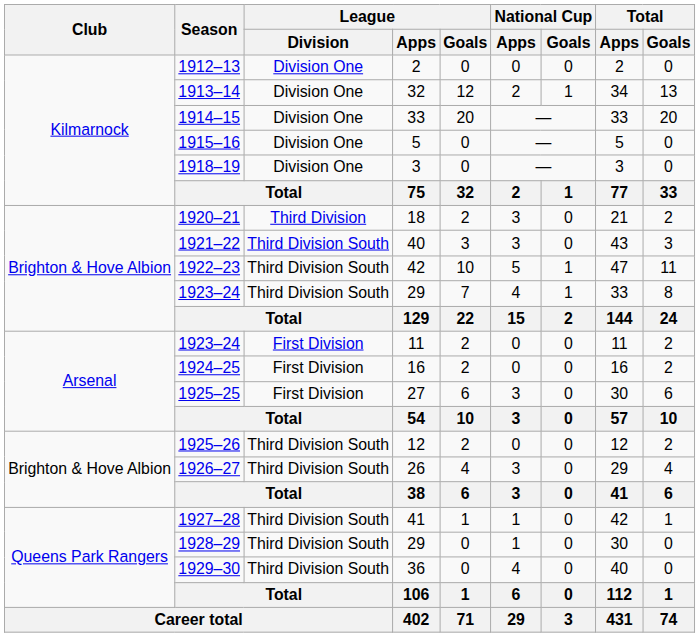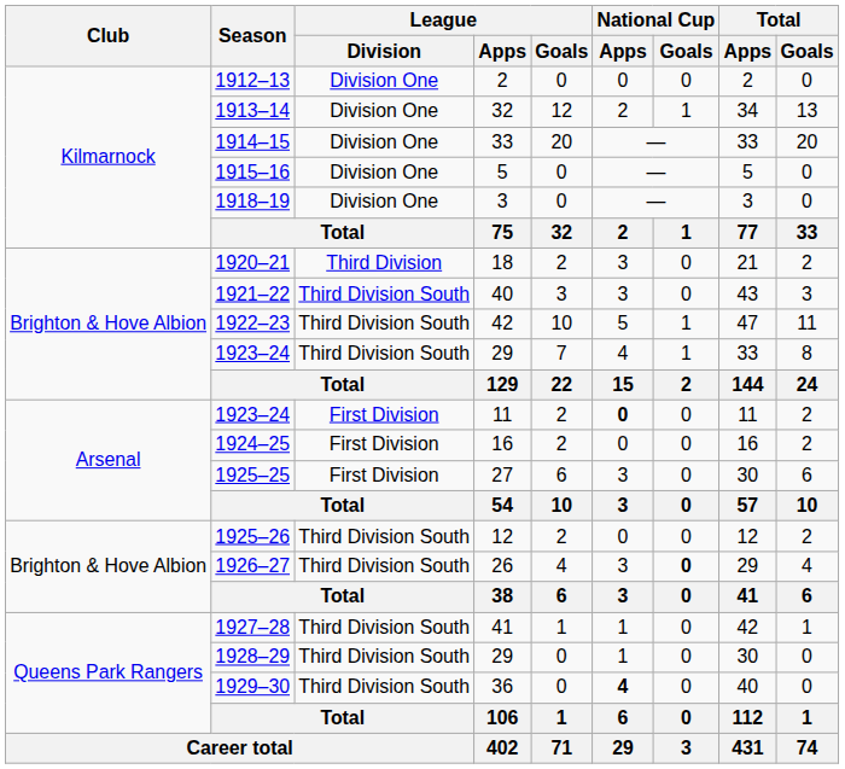 <table class="wikitable" style=text-align:center>
 <tr>
 <th rowspan=2>Club</th>
 <th rowspan=2>Season</th>
 <th colspan=3>League</th>
 <th colspan=2>National Cup</th>
 <th colspan=2>Total</th>
 </tr>
 <tr>
 <th>Division</th>
 <th>Apps</th>
 <th>Goals</th>
 <th>Apps</th>
 <th>Goals</th>
 <th>Apps</th>
 <th>Goals</th>
 </tr>
 <tr>
 <td rowspan=6><a href='#'>Kilmarnock</a></td>
 <td><a href='#'>1912–13</a></td>
 <td><a href='#'>Division One</a></td>
 <td>2</td>
 <td>0</td>
 <td>0</td>
 <td>0</td>
 <td>2</td>
 <td>0</td>
 </tr>
 <tr>
 <td><a href='#'>1913–14</a></td>
 <td>Division One</td>
 <td>32</td>
 <td>12</td>
 <td>2</td>
 <td>1</td>
 <td>34</td>
 <td>13</td>
 </tr>
 <tr>
 <td><a href='#'>1914–15</a></td>
 <td>Division One</td>
 <td>33</td>
 <td>20</td>
 <td colspan=2>—</td>
 <td>33</td>
 <td>20</td>
 </tr>
 <tr>
 <td><a href='#'>1915–16</a></td>
 <td>Division One</td>
 <td>5</td>
 <td>0</td>
 <td colspan=2>—</td>
 <td>5</td>
 <td>0</td>
 </tr>
 <tr>
 <td><a href='#'>1918–19</a></td>
 <td>Division One</td>
 <td>3</td>
 <td>0</td>
 <td colspan=2>—</td>
 <td>3</td>
 <td>0</td>
 </tr>
 <tr>
 <th colspan=2>Total</th>
 <th>75</th>
 <th>32</th>
 <th>2</th>
 <th>1</th>
 <th>77</th>
 <th>33</th>
 </tr>
 <tr>
 <td rowspan=5><a href='#'>Brighton & Hove Albion</a></td>
 <td><a href='#'>1920–21</a></td>
 <td><a href='#'>Third Division</a></td>
 <td>18</td>
 <td>2</td>
 <td>3</td>
 <td>0</td>
 <td>21</td>
 <td>2</td>
 </tr>
 <tr>
 <td><a href='#'>1921–22</a></td>
 <td><a href='#'>Third Division South</a></td>
 <td>40</td>
 <td>3</td>
 <td>3</td>
 <td>0</td>
 <td>43</td>
 <td>3</td>
 </tr>
 <tr>
 <td><a href='#'>1922–23</a></td>
 <td>Third Division South</td>
 <td>42</td>
 <td>10</td>
 <td>5</td>
 <td>1</td>
 <td>47</td>
 <td>11</td>
 </tr>
 <tr>
 <td><a href='#'>1923–24</a></td>
 <td>Third Division South</td>
 <td>29</td>
 <td>7</td>
 <td>4</td>
 <td>1</td>
 <td>33</td>
 <td>8</td>
 </tr>
 <tr>
 <th colspan=2>Total</th>
 <th>129</th>
 <th>22</th>
 <th>15</th>
 <th>2</th>
 <th>144</th>
 <th>24</th>
 </tr>
 <tr>
 <td rowspan=4><a href='#'>Arsenal</a></td>
 <td><a href='#'>1923–24</a></td>
 <td><a href='#'>First Division</a></td>
 <td>11</td>
 <td>2</td>
-<td>0</td>
+<td><strong>0</strong></td>
 <td>0</td>
 <td>11</td>
 <td>2</td>
 </tr>
 <tr>
 <td><a href='#'>1924–25</a></td>
 <td>First Division</td>
 <td>16</td>
 <td>2</td>
 <td>0</td>
 <td>0</td>
 <td>16</td>
 <td>2</td>
 </tr>
 <tr>
 <td><a href='#'>1925–25</a></td>
 <td>First Division</td>
 <td>27</td>
 <td>6</td>
 <td>3</td>
 <td>0</td>
 <td>30</td>
 <td>6</td>
 </tr>
 <tr>
 <th colspan=2>Total</th>
 <th>54</th>
 <th>10</th>
 <th>3</th>
 <th>0</th>
 <th>57</th>
 <th>10</th>
 </tr>
 <tr>
 <td rowspan=3>Brighton & Hove Albion</td>
 <td><a href='#'>1925–26</a></td>
 <td>Third Division South</td>
 <td>12</td>
 <td>2</td>
 <td>0</td>
 <td>0</td>
 <td>12</td>
 <td>2</td>
 </tr>
 <tr>
 <td><a href='#'>1926–27</a></td>
 <td>Third Division South</td>
 <td>26</td>
 <td>4</td>
 <td>3</td>
-<td>0</td>
+<td><strong>0</strong></td>
 <td>29</td>
 <td>4</td>
 </tr>
 <tr>
 <th colspan=2>Total</th>
 <th>38</th>
 <th>6</th>
 <th>3</th>
 <th>0</th>
 <th>41</th>
 <th>6</th>
 </tr>
 <tr>
 <td rowspan=4><a href='#'>Queens Park Rangers</a></td>
 <td><a href='#'>1927–28</a></td>
 <td>Third Division South</td>
 <td>41</td>
 <td>1</td>
 <td>1</td>
 <td>0</td>
 <td>42</td>
 <td>1</td>
 </tr>
 <tr>
 <td><a href='#'>1928–29</a></td>
 <td>Third Division South</td>
 <td>29</td>
 <td>0</td>
 <td>1</td>
 <td>0</td>
 <td>30</td>
 <td>0</td>
 </tr>
 <tr>
 <td><a href='#'>1929–30</a></td>
 <td>Third Division South</td>
 <td>36</td>
 <td>0</td>
-<td>4</td>
+<td><strong>4</strong></td>
 <td>0</td>
 <td>40</td>
 <td>0</td>
 </tr>
 <tr>
 <th colspan=2>Total</th>
 <th>106</th>
 <th>1</th>
 <th>6</th>
 <th>0</th>
 <th>112</th>
 <th>1</th>
 </tr>
 <tr>
 <th colspan=3>Career total</th>
 <th>402</th>
 <th>71</th>
 <th>29</th>
 <th>3</th>
 <th>431</th>
 <th>74</th>
 </tr>
 </table>
